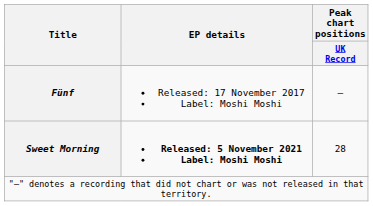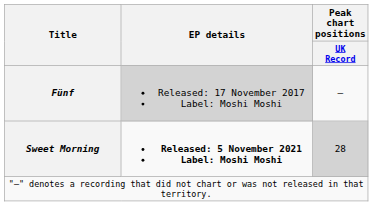 <table class="wikitable plainrowheaders" style="text-align:center;">
 <tr>
 <th scope="col" rowspan="2" style="width:12em;">Title</th>
 <th scope="col" rowspan="2" style="width:20em;">EP details</th>
 <th scope="col" colspan="1">Peak chart positions</th>
 </tr>
 <tr>
 <th scope="col" style="width:3em;font-size:90%;"><a href='#'>UK<br>Record</a><br></th>
 </tr>
 <tr>
 <th scope="row"><em>Fünf</em></th>
-<td><br><ul><li>Released: 17 November 2017</li><li>Label: Moshi Moshi</li></ul></td>
+<td style="background: lightgrey;"><br><ul><li>Released: 17 November 2017</li><li>Label: Moshi Moshi</li></ul></td>
 <td>—</td>
 </tr>
 <tr>
 <th scope="row"><em>Sweet Morning</em></th>
 <td><strong><br><ul><li>Released: 5 November 2021</li><li>Label: Moshi Moshi</li></ul></strong></td>
-<td>28</td>
+<td style="background: lightgrey;">28</td>
 </tr>
 <tr>
 <td colspan="12" style="font-size:90%">"—" denotes a recording that did not chart or was not released in that territory.</td>
 </tr>
 </table>
